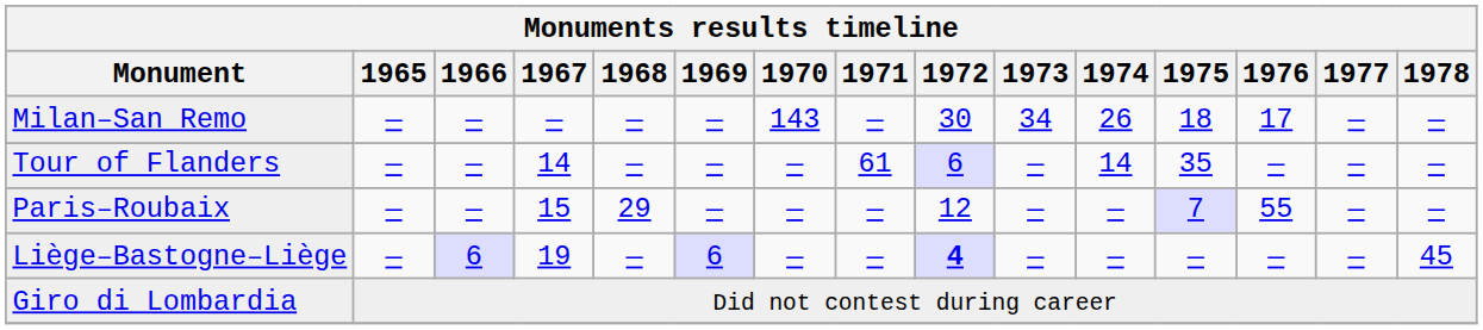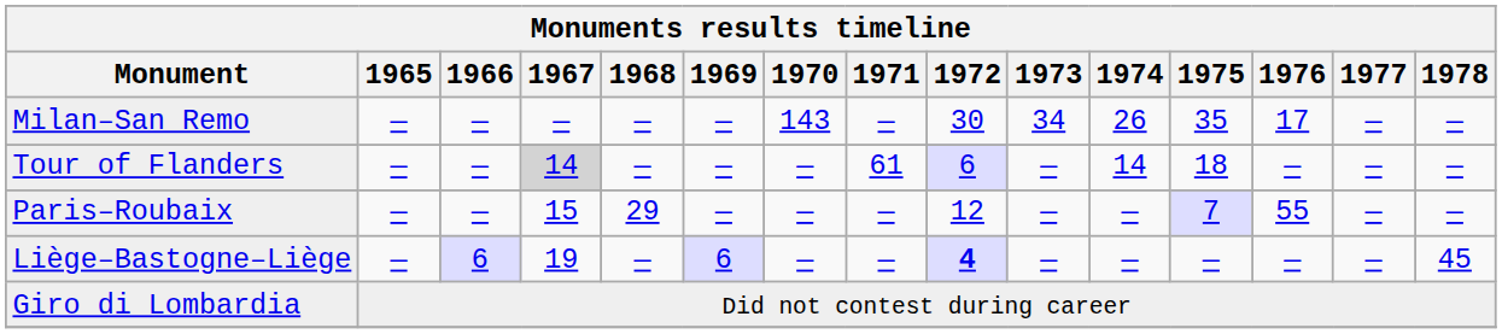 <table class="wikitable">
 <tr>
 <th scope="col" colspan=19 align=center>Monuments results timeline</th>
 </tr>
 <tr>
 <th>Monument</th>
 <th scope="col">1965</th>
 <th scope="col">1966</th>
 <th scope="col">1967</th>
 <th scope="col">1968</th>
 <th scope="col">1969</th>
 <th scope="col">1970</th>
 <th scope="col">1971</th>
 <th scope="col">1972</th>
 <th scope="col">1973</th>
 <th scope="col">1974</th>
 <th scope="col">1975</th>
 <th scope="col">1976</th>
 <th scope="col">1977</th>
 <th scope="col">1978</th>
 </tr>
 <tr style="text-align:center;">
 <td style="text-align:left; background:#efefef;"><a href='#'>Milan–San Remo</a></td>
 <td><a href='#'>—</a></td>
 <td><a href='#'>—</a></td>
 <td><a href='#'>—</a></td>
 <td><a href='#'>—</a></td>
 <td><a href='#'>—</a></td>
 <td><a href='#'>143</a></td>
 <td><a href='#'>—</a></td>
 <td><a href='#'>30</a></td>
 <td><a href='#'>34</a></td>
 <td><a href='#'>26</a></td>
-<td><a href='#'>18</a></td>
+<td><a href='#'>35</a></td>
 <td><a href='#'>17</a></td>
 <td><a href='#'>—</a></td>
 <td><a href='#'>—</a></td>
 </tr>
 <tr style="text-align:center;">
 <td style="text-align:left; background:#efefef;"><a href='#'>Tour of Flanders</a></td>
 <td><a href='#'>—</a></td>
 <td><a href='#'>—</a></td>
-<td><a href='#'>14</a></td>
+<td style="background: lightgrey;"><a href='#'>14</a></td>
 <td><a href='#'>—</a></td>
 <td><a href='#'>—</a></td>
 <td><a href='#'>—</a></td>
 <td><a href='#'>61</a></td>
 <td style="background:#ddddff;"><a href='#'>6</a></td>
 <td><a href='#'>—</a></td>
 <td><a href='#'>14</a></td>
-<td><a href='#'>35</a></td>
+<td><a href='#'>18</a></td>
 <td><a href='#'>—</a></td>
 <td><a href='#'>—</a></td>
 <td><a href='#'>—</a></td>
 </tr>
 <tr style="text-align:center;">
 <td style="text-align:left; background:#efefef;"><a href='#'>Paris–Roubaix</a></td>
 <td><a href='#'>—</a></td>
 <td><a href='#'>—</a></td>
 <td><a href='#'>15</a></td>
 <td><a href='#'>29</a></td>
 <td><a href='#'>—</a></td>
 <td><a href='#'>—</a></td>
 <td><a href='#'>—</a></td>
 <td><a href='#'>12</a></td>
 <td><a href='#'>—</a></td>
 <td><a href='#'>—</a></td>
 <td style="background:#ddddff;"><a href='#'>7</a></td>
 <td><a href='#'>55</a></td>
 <td><a href='#'>—</a></td>
 <td><a href='#'>—</a></td>
 </tr>
 <tr style="text-align:center;">
 <td style="text-align:left; background:#efefef;"><a href='#'>Liège–Bastogne–Liège</a></td>
 <td><a href='#'>—</a></td>
 <td style="background:#ddddff;"><a href='#'>6</a></td>
 <td><a href='#'>19</a></td>
 <td><a href='#'>—</a></td>
 <td style="background:#ddddff;"><a href='#'>6</a></td>
 <td><a href='#'>—</a></td>
 <td><a href='#'>—</a></td>
 <td style="background:#ddddff;"><strong><a href='#'>4</a></strong></td>
 <td><a href='#'>—</a></td>
 <td><a href='#'>—</a></td>
 <td><a href='#'>—</a></td>
 <td><a href='#'>—</a></td>
 <td><a href='#'>—</a></td>
 <td><a href='#'>45</a></td>
 </tr>
 <tr style="text-align:center;">
 <td style="text-align:left; background:#efefef;"><a href='#'>Giro di Lombardia</a></td>
 <td style="text-align:center; background:#efefef;" colspan=14><small>Did not contest during career</small></td>
 </tr>
 <tr>
 </tr>
 </table>
